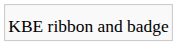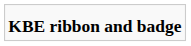 <table style="border:1px solid #ccc; background:#f9f9f9;">
 <tr>
 <td></td>
 </tr>
 <tr>
 <td></td>
 </tr>
 <tr>
-<td>KBE ribbon and badge</td>
+<td><strong>KBE ribbon and badge</strong></td>
 </tr>
 </table>
